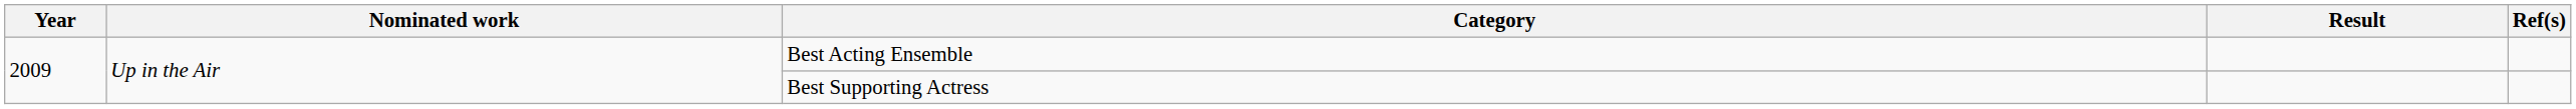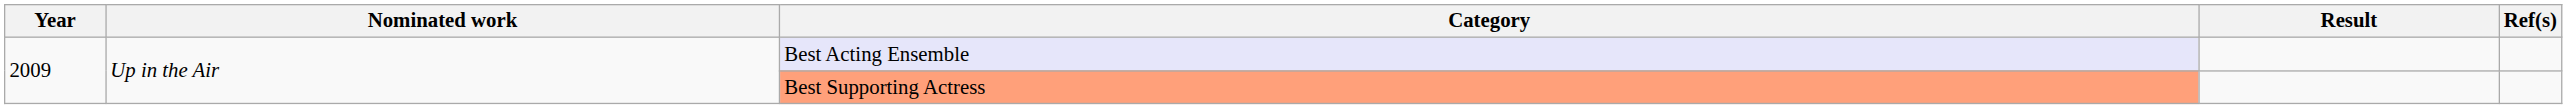 <table class="wikitable">
 <tr>
 <th width=4%>Year</th>
 <th width=27%>Nominated work</th>
 <th width=57%>Category</th>
 <th width=12%>Result</th>
 <th width=4%>Ref(s)</th>
 </tr>
 <tr>
 <td rowspan="2">2009</td>
 <td rowspan="2"><em>Up in the Air</em></td>
-<td>Best Acting Ensemble</td>
+<td style="background: lavender;">Best Acting Ensemble</td>
 <td></td>
 <td></td>
 </tr>
 <tr>
-<td>Best Supporting Actress</td>
+<td style="background: lightsalmon;">Best Supporting Actress</td>
 <td></td>
 <td></td>
 </tr>
 </table>
